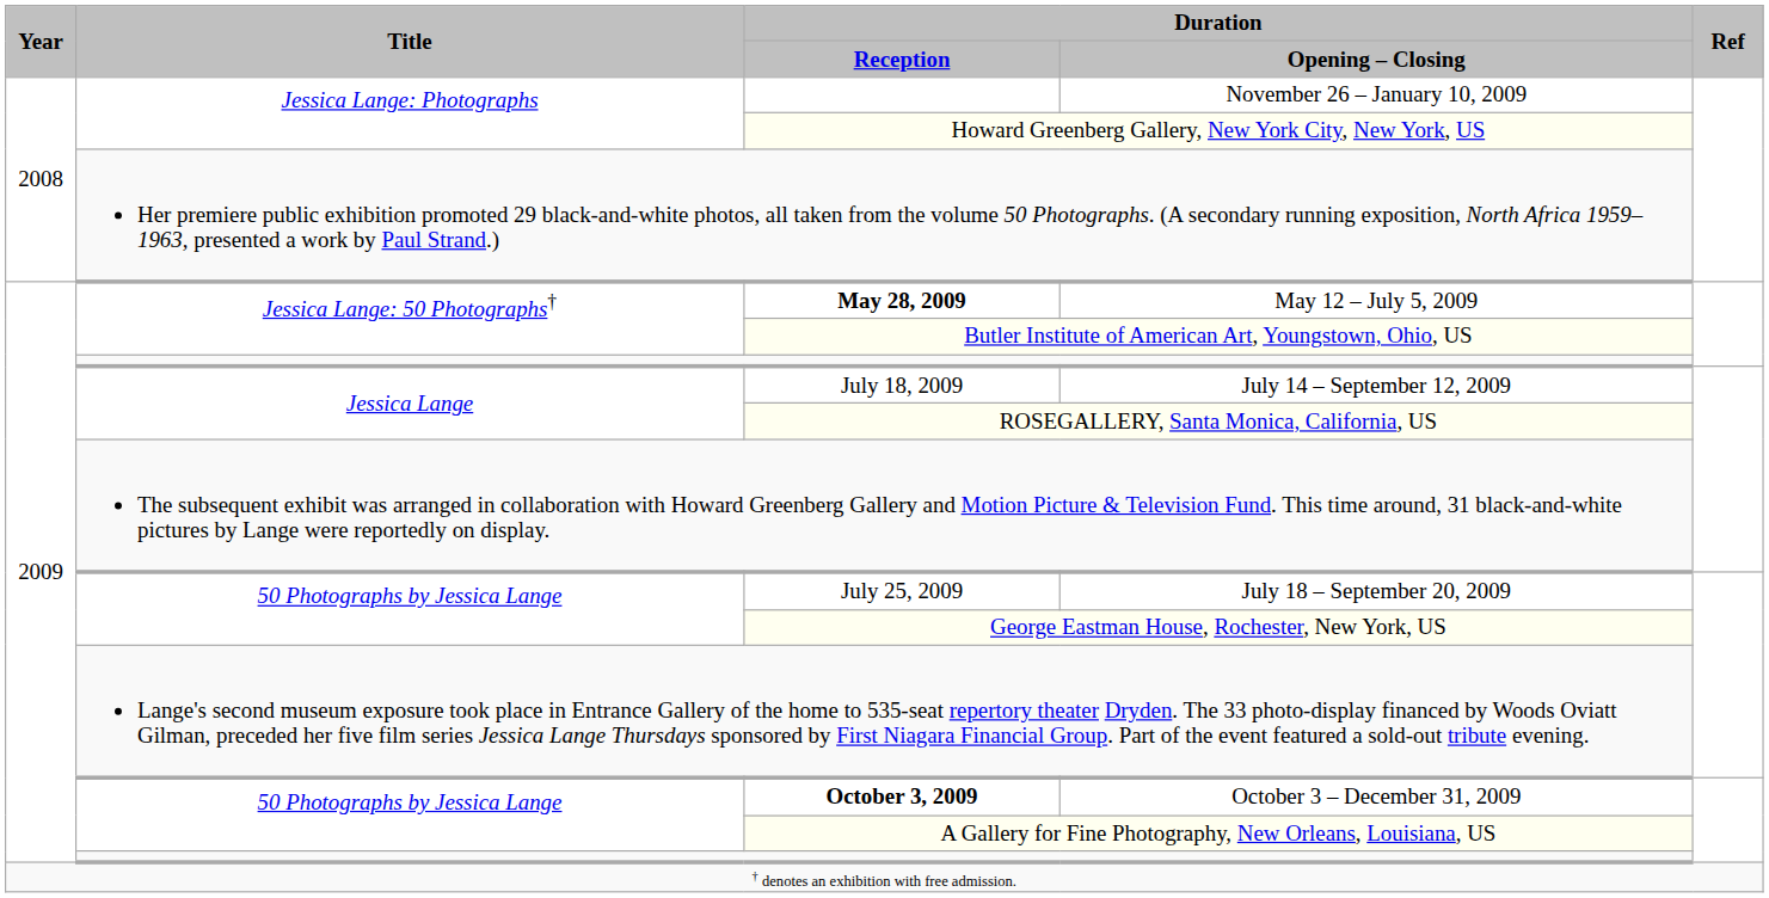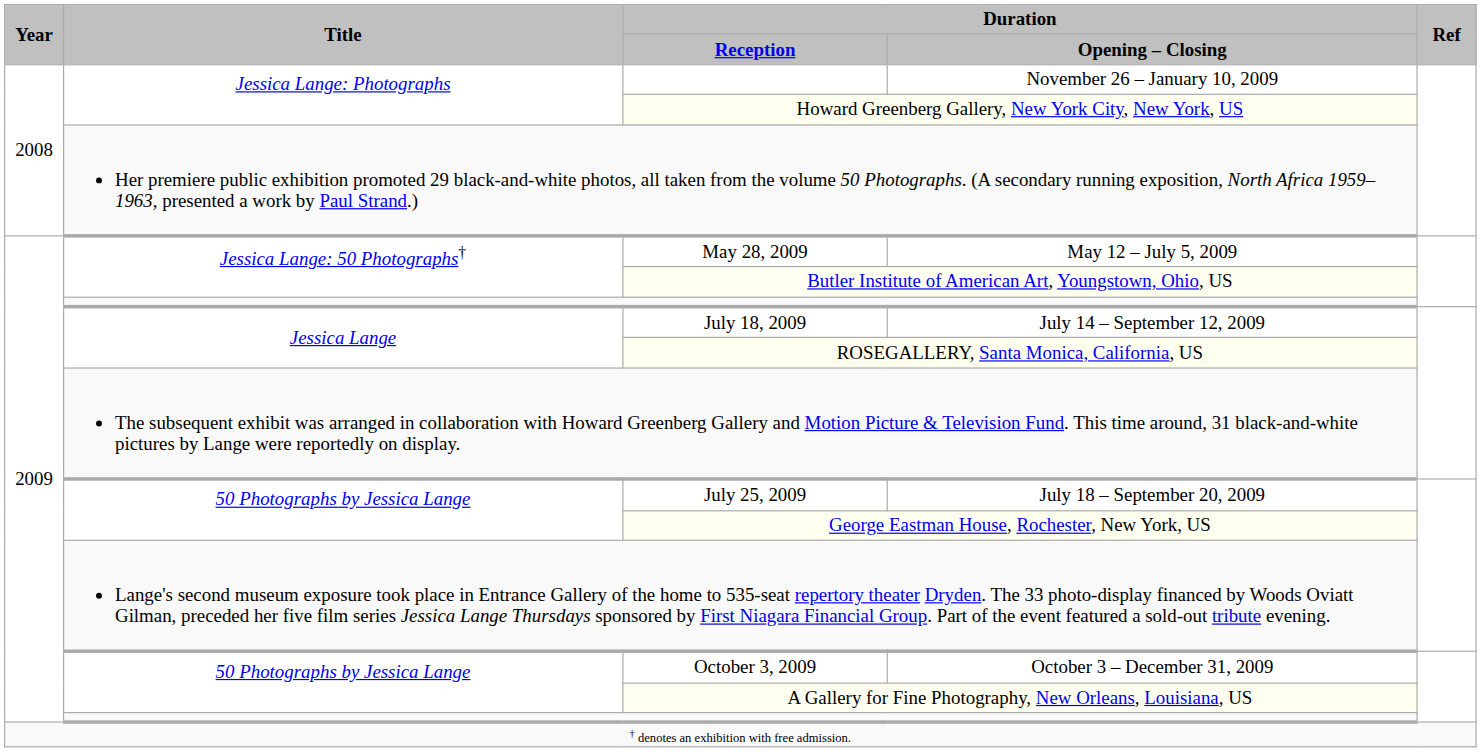 <table class="wikitable">
 <tr>
 <th rowspan=2 style=background-color:#C0C0C0 width=4%>Year</th>
 <th rowspan=2 style=background-color:#C0C0C0 width=38%>Title</th>
 <th colspan=2 style=background-color:#C0C0C0 width=54%>Duration</th>
 <th rowspan=2 style=background-color:#C0C0C0 width=4%>Ref</th>
 </tr>
 <tr>
 <th style=background-color:#C0C0C0 width=18%><a href='#'>Reception</a></th>
 <th style=background-color:#C0C0C0 width=36%>Opening – Closing</th>
 </tr>
 <tr>
 <td rowspan=3 align=center style=background:white>2008</td>
 <td rowspan=2 align=center style="background:white"><em><a href='#'>Jessica Lange: Photographs</a></em><br><br></td>
 <td align=center style=background:white></td>
 <td align=center style=background:white>November 26 – January 10, 2009</td>
 <td rowspan=3 align=center style=background:white width=4%><br></td>
 </tr>
 <tr>
 <td colspan=2 align=center style=background-color:#FFFFF0>Howard Greenberg Gallery, <a href='#'>New York City</a>, <a href='#'>New York</a>, <a href='#'>US</a></td>
 </tr>
 <tr>
 <td colspan=3 style=border-bottom-width:3px padding:5px width=92%><br><ul><li>Her premiere public exhibition promoted 29 black-and-white photos, all taken from the volume <em>50 Photographs</em>. (A secondary running exposition, <em>North Africa 1959–1963,</em> presented a work by <a href='#'>Paul Strand</a>.)</li></ul></td>
 </tr>
 <tr>
 <td rowspan=12 align=center style=background:white>2009</td>
 <td rowspan=2 align=center style=background:white><em><a href='#'>Jessica Lange: 50 Photographs</a></em><sup>†</sup><br><br></td>
-<td align=center style=background:white><strong>May 28, 2009</strong></td>
+<td align=center style=background:white>May 28, 2009</td>
 <td align=center style=background:white>May 12 – July 5, 2009</td>
 <td rowspan=3 align=center style=background:white width=4%><br></td>
 </tr>
 <tr>
 <td colspan=2 align=center style=background-color:#FFFFF0><a href='#'>Butler Institute of American Art</a>, <a href='#'>Youngstown, Ohio</a>, US</td>
 </tr>
 <tr>
 <td colspan=3 style=border-bottom-width:3px padding:5px width=92%></td>
 </tr>
 <tr>
 <td rowspan=2 align=center style=background:white><em><a href='#'>Jessica Lange</a></em></td>
 <td align=center style=background:white>July 18, 2009</td>
 <td align=center style=background:white>July 14 – September 12, 2009</td>
 <td rowspan=3 align=center style=background:white width=4%><br><br></td>
 </tr>
 <tr>
 <td colspan=2 align=center style=background-color:#FFFFF0>ROSEGALLERY, <a href='#'>Santa Monica, California</a>, US</td>
 </tr>
 <tr>
 <td colspan=3 style=border-bottom-width:3px padding:5px width=92%><br><ul><li>The subsequent exhibit was arranged in collaboration with Howard Greenberg Gallery and <a href='#'>Motion Picture & Television Fund</a>. This time around, 31 black-and-white pictures by Lange were reportedly on display.</li></ul></td>
 </tr>
 <tr>
 <td rowspan=2 align=center style=background:white><em><a href='#'>50 Photographs by Jessica Lange</a></em><br><br> </td>
 <td align=center style=background:white>July 25, 2009</td>
 <td align=center style=background:white>July 18 – September 20, 2009</td>
 <td rowspan=3 align=center style=background:white width=4%></td>
 </tr>
 <tr>
 <td colspan=2 align=center style=background-color:#FFFFF0><a href='#'>George Eastman House</a>, <a href='#'>Rochester</a>, New York, US</td>
 </tr>
 <tr>
 <td colspan=3 style=border-bottom-width:3px padding:5px width=92%><br><ul><li>Lange's second museum exposure took place in Entrance Gallery of the home to 535-seat <a href='#'>repertory theater</a> <a href='#'>Dryden</a>. The 33 photo-display financed by Woods Oviatt Gilman, preceded her five film series <em>Jessica Lange Thursdays</em>  sponsored by <a href='#'>First Niagara Financial Group</a>. Part of the event featured a sold-out <a href='#'>tribute</a> evening.</li></ul></td>
 </tr>
 <tr>
 <td rowspan=2 align=center style=background:white><em><a href='#'>50 Photographs by Jessica Lange</a></em> <br><br></td>
-<td align=center style=background:white><strong>October 3, 2009</strong></td>
+<td align=center style=background:white>October 3, 2009</td>
 <td align=center style=background:white>October 3 – December 31, 2009</td>
 <td rowspan=3 align=center style=background:white width=4%></td>
 </tr>
 <tr>
 <td colspan=2 align=center style=background-color:#FFFFF0>A Gallery for Fine Photography, <a href='#'>New Orleans</a>, <a href='#'>Louisiana</a>, US</td>
 </tr>
 <tr>
 <td colspan=3 style=border-bottom-width:3px padding:5px width=92%></td>
 </tr>
 <tr>
 <td colspan=5 style=font-size:8pt align=center width=100%><sup>†</sup> denotes an exhibition with free admission.</td>
 </tr>
 </table>
